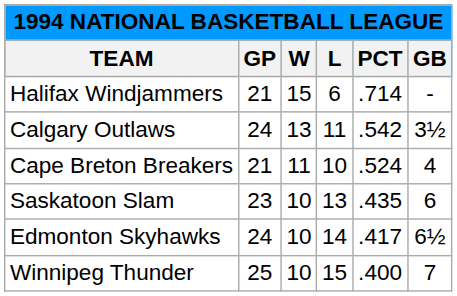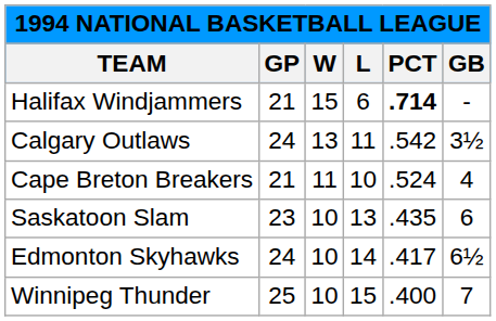 <table class="wikitable">
 <tr bgcolor="#0099FF">
 <td colspan="12" align="center"><strong>1994 NATIONAL BASKETBALL LEAGUE</strong></td>
 </tr>
 <tr bgcolor="0099FF">
 <th>TEAM</th>
 <th>GP</th>
 <th>W</th>
 <th>L</th>
 <th>PCT</th>
 <th>GB</th>
 </tr>
 <tr align="center" bgcolor="#ffffff">
 <td align="left">Halifax Windjammers</td>
 <td>21</td>
 <td>15</td>
 <td>6</td>
-<td>.714</td>
+<td><strong>.714</strong></td>
 <td>-</td>
 </tr>
 <tr align="center" bgcolor="#ffffff">
 <td align="left">Calgary Outlaws</td>
 <td>24</td>
 <td>13</td>
 <td>11</td>
 <td>.542</td>
 <td>3½</td>
 </tr>
 <tr align="center" bgcolor="#ffffff">
 <td align="left">Cape Breton Breakers</td>
 <td>21</td>
 <td>11</td>
 <td>10</td>
 <td>.524</td>
 <td>4</td>
 </tr>
 <tr align="center" bgcolor="#ffffff">
 <td align="left">Saskatoon Slam</td>
 <td>23</td>
 <td>10</td>
 <td>13</td>
 <td>.435</td>
 <td>6</td>
 </tr>
 <tr align="center" bgcolor="#ffffff">
 <td align="left">Edmonton Skyhawks</td>
 <td>24</td>
 <td>10</td>
 <td>14</td>
 <td>.417</td>
 <td>6½</td>
 </tr>
 <tr align="center" bgcolor="#ffffff">
 <td align="left">Winnipeg Thunder</td>
 <td>25</td>
 <td>10</td>
 <td>15</td>
 <td>.400</td>
 <td>7</td>
 </tr>
 </table>
